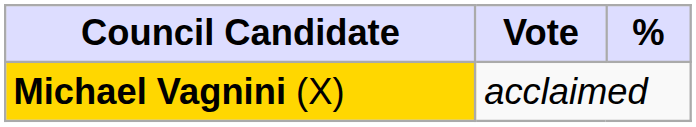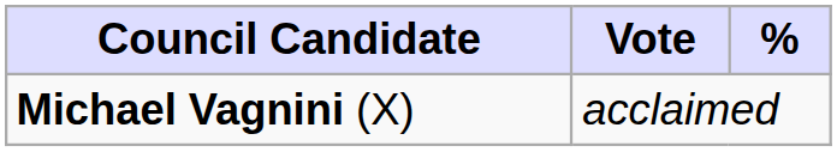 <table class="wikitable">
 <tr>
 <th style="background:#ddf; width:200px;">Council Candidate</th>
 <th style="background:#ddf; width:50px;">Vote</th>
 <th style="background:#ddf; width:30px;">%</th>
 </tr>
 <tr>
-<td style="background: gold;"><strong>Michael Vagnini</strong> (X)</td>
+<td><strong>Michael Vagnini</strong> (X)</td>
 <td colspan=2><em>acclaimed</em></td>
 </tr>
 </table>
